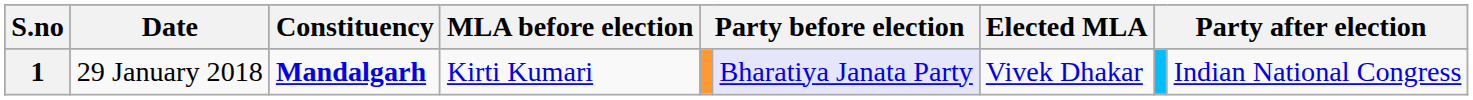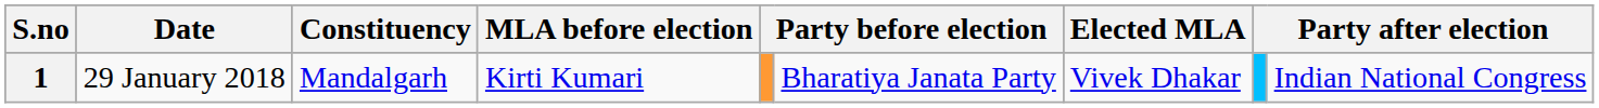 <table class="wikitable sortable">
 <tr>
 <th>S.no</th>
 <th>Date</th>
 <th>Constituency</th>
 <th>MLA before election</th>
 <th colspan="2">Party before election</th>
 <th>Elected MLA</th>
 <th colspan="2">Party after election</th>
 </tr>
 <tr>
 <th>1</th>
 <td>29 January 2018</td>
-<td><strong><a href='#'>Mandalgarh</a></strong></td>
+<td><a href='#'>Mandalgarh</a></td>
 <td><a href='#'>Kirti Kumari</a></td>
 <td bgcolor=#FF9933></td>
-<td style="background: lavender;"><a href='#'>Bharatiya Janata Party</a></td>
+<td><a href='#'>Bharatiya Janata Party</a></td>
 <td><a href='#'>Vivek Dhakar</a></td>
 <td bgcolor=#00BFFF></td>
 <td><a href='#'>Indian National Congress</a></td>
 </tr>
 </table>
